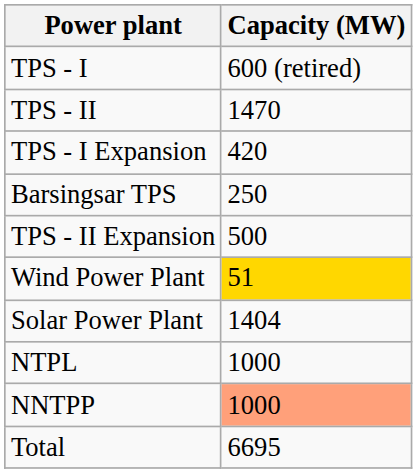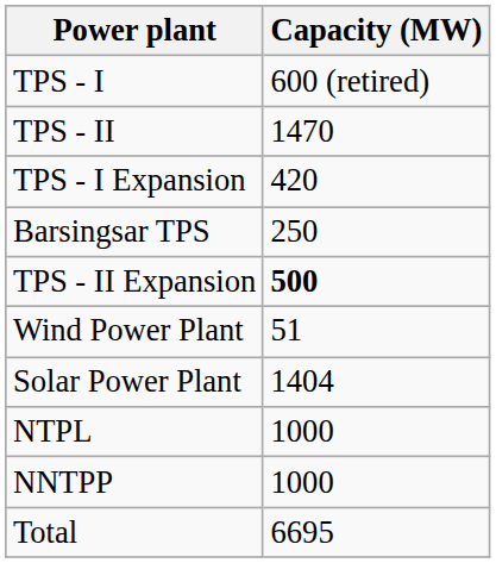 <table class="wikitable">
 <tr>
 <th>Power plant</th>
 <th>Capacity (MW)</th>
 </tr>
 <tr>
 <td>TPS - I</td>
 <td>600 (retired)</td>
 </tr>
 <tr>
 <td>TPS - II</td>
 <td>1470</td>
 </tr>
 <tr>
 <td>TPS - I Expansion</td>
 <td>420</td>
 </tr>
 <tr>
 <td>Barsingsar TPS</td>
 <td>250</td>
 </tr>
 <tr>
 <td>TPS - II Expansion</td>
-<td>500</td>
+<td><strong>500</strong></td>
 </tr>
 <tr>
 <td>Wind Power Plant</td>
-<td style="background: gold;">51</td>
+<td>51</td>
 </tr>
 <tr>
 <td>Solar Power Plant</td>
 <td>1404</td>
 </tr>
 <tr>
 <td>NTPL</td>
 <td>1000</td>
 </tr>
 <tr>
 <td>NNTPP</td>
-<td style="background: lightsalmon;">1000</td>
+<td>1000</td>
 </tr>
 <tr>
 <td>Total</td>
 <td>6695</td>
 </tr>
 </table>
